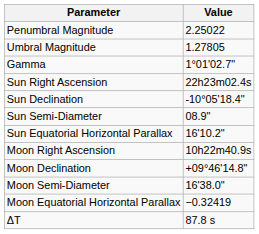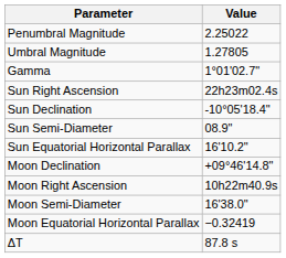 <table class="wikitable">
 <tr>
 <th>Parameter</th>
 <th>Value</th>
 </tr>
 <tr>
 <td>Penumbral Magnitude</td>
 <td>2.25022</td>
 </tr>
 <tr>
 <td>Umbral Magnitude</td>
 <td>1.27805</td>
 </tr>
 <tr>
 <td>Gamma</td>
 <td>1°01'02.7"</td>
 </tr>
 <tr>
 <td>Sun Right Ascension</td>
 <td>22h23m02.4s</td>
 </tr>
 <tr>
 <td>Sun Declination</td>
 <td>-10°05'18.4"</td>
 </tr>
 <tr>
 <td>Sun Semi-Diameter</td>
 <td>08.9"</td>
 </tr>
 <tr>
 <td>Sun Equatorial Horizontal Parallax</td>
 <td>16'10.2"</td>
 </tr>
 <tr>
+<td>Moon Declination</td>
+<td>+09°46'14.8"</td>
+</tr>
+<tr>
 <td>Moon Right Ascension</td>
 <td>10h22m40.9s</td>
-</tr>
-<tr>
-<td>Moon Declination</td>
-<td>+09°46'14.8"</td>
 </tr>
 <tr>
 <td>Moon Semi-Diameter</td>
 <td>16'38.0"</td>
 </tr>
 <tr>
 <td>Moon Equatorial Horizontal Parallax</td>
 <td>−0.32419</td>
 </tr>
 <tr>
 <td>ΔT</td>
 <td>87.8 s</td>
 </tr>
 </table>
